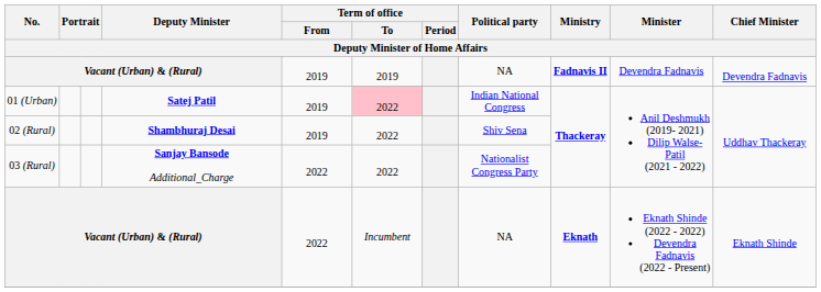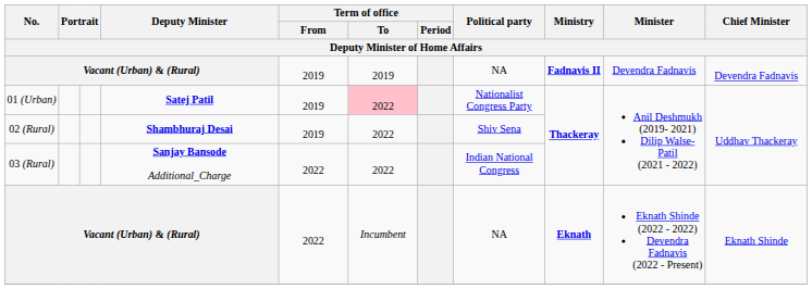 <table class="wikitable" style="text-align:center">
 <tr>
 <th rowspan="2">No.</th>
 <th rowspan="2" colspan="2">Portrait</th>
 <th rowspan="2" style="width:16em">Deputy Minister<br></th>
 <th colspan="3">Term of office</th>
 <th rowspan="2" style="width:8em">Political party</th>
 <th rowspan="2">Ministry</th>
 <th rowspan="2" style="width:9em">Minister</th>
 <th rowspan="2" style="width:9em">Chief Minister</th>
 </tr>
 <tr>
 <th style="width:6em">From</th>
 <th style="width:6em">To</th>
 <th>Period</th>
 </tr>
 <tr>
 <th colspan="11">Deputy Minister of Home Affairs</th>
 </tr>
 <tr>
 <th colspan="04"><strong><em>Vacant</em></strong> <em>(Urban)</em> & <em>(Rural)</em></th>
 <td><br>2019</td>
 <td><br>2019</td>
 <th></th>
 <td>NA</td>
 <td rowspan="1"><a href='#'><strong>Fadnavis II</strong></a></td>
 <td><a href='#'>Devendra Fadnavis</a></td>
 <td rowspan="1"> <br><a href='#'>Devendra Fadnavis</a></td>
 </tr>
 <tr>
 <td>01 <em>(Urban)</em></td>
 <td style="color:inherit;background:"></td>
 <td></td>
 <td><strong><a href='#'>Satej Patil</a></strong> <br> </td>
 <td><br>2019</td>
 <td style="background: pink;"><br>2022</td>
 <th></th>
-<td><a href='#'>Indian National Congress</a></td>
+<td><a href='#'>Nationalist Congress Party</a></td>
 <td rowspan="3"><a href='#'><strong>Thackeray</strong></a></td>
 <td rowspan="3"><br><ul><li><a href='#'>Anil Deshmukh</a> <br>(2019- 2021)</li><li><a href='#'>Dilip Walse-Patil</a> <br>(2021 - 2022)</li></ul></td>
 <td rowspan="3"> <br><a href='#'>Uddhav Thackeray</a></td>
 </tr>
 <tr>
 <td>02 <em>(Rural)</em></td>
 <td style="color:inherit;background:"></td>
 <td></td>
 <td><strong><a href='#'>Shambhuraj Desai</a></strong> <br> </td>
 <td><br>2019</td>
 <td><br>2022</td>
 <th></th>
 <td><a href='#'>Shiv Sena</a></td>
 </tr>
 <tr>
 <td>03 <em>(Rural)</em></td>
 <td style="color:inherit;background:"></td>
 <td></td>
 <td><strong><a href='#'>Sanjay Bansode</a></strong> <br> <br><em>Additional_Charge</em></td>
 <td><br>2022</td>
 <td><br>2022</td>
 <th></th>
-<td><a href='#'>Nationalist Congress Party</a></td>
+<td><a href='#'>Indian National Congress</a></td>
 </tr>
 <tr>
 <th colspan="04"><strong><em>Vacant </em></strong> <em>(Urban)</em> & <em>(Rural)</em></th>
 <td><br>2022</td>
 <td><em>Incumbent</em></td>
 <th></th>
 <td>NA</td>
 <td rowspan="1"><a href='#'><strong>Eknath</strong></a></td>
 <td><br><ul><li><a href='#'>Eknath Shinde</a><br>(2022 - 2022)</li><li><a href='#'>Devendra Fadnavis</a><br> (2022 - Present)</li></ul></td>
 <td rowspan="1"> <br><a href='#'>Eknath Shinde</a></td>
 </tr>
 <tr>
 </tr>
 </table>
